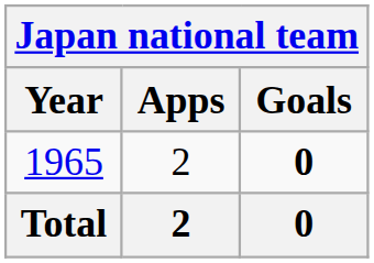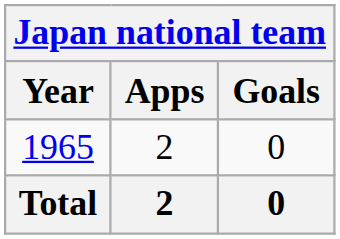 <table class="wikitable" style="text-align:center">
 <tr>
 <th colspan=3><a href='#'>Japan national team</a></th>
 </tr>
 <tr>
 <th>Year</th>
 <th>Apps</th>
 <th>Goals</th>
 </tr>
 <tr>
 <td><a href='#'>1965</a></td>
 <td>2</td>
-<td><strong>0</strong></td>
+<td>0</td>
 </tr>
 <tr>
 <th>Total</th>
 <th>2</th>
 <th>0</th>
 </tr>
 </table>
